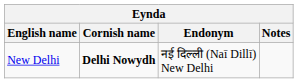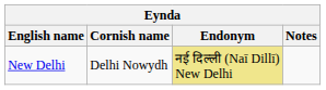 <table class="wikitable sortable">
 <tr>
 <th colspan="24"> Eynda</th>
 </tr>
 <tr>
 <th>English name</th>
 <th>Cornish name</th>
 <th>Endonym</th>
 <th>Notes</th>
 </tr>
 <tr>
 <td><a href='#'>New Delhi</a></td>
-<td><strong>Delhi Nowydh</strong></td>
-<td>नई दिल्ली (Naī Dillī)<br>New Delhi</td>
+<td>Delhi Nowydh</td>
+<td style="background: khaki;">नई दिल्ली (Naī Dillī)<br>New Delhi</td>
 <td></td>
 </tr>
 </table>
